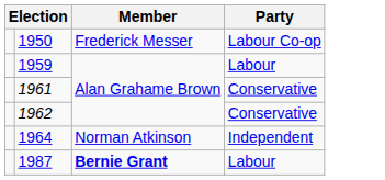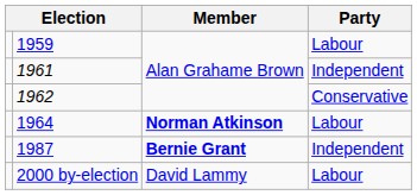 <table class="wikitable">
 <tr>
 <th colspan="2">Election</th>
 <th>Member</th>
 <th>Party</th>
-</tr>
-<tr>
-<td style="color:inherit;background-color: "></td>
-<td><a href='#'>1950</a></td>
-<td><a href='#'>Frederick Messer</a></td>
-<td><a href='#'>Labour Co-op</a></td>
 </tr>
 <tr>
 <td style="color:inherit;background-color: "></td>
 <td><a href='#'>1959</a></td>
 <td rowspan="3"><a href='#'>Alan Grahame Brown</a></td>
 <td><a href='#'>Labour</a></td>
 </tr>
 <tr>
 <td style="color:inherit;background-color: "></td>
 <td><em>1961</em></td>
-<td><a href='#'>Conservative</a></td>
+<td><a href='#'>Independent</a></td>
 </tr>
 <tr>
 <td style="color:inherit;background-color: "></td>
 <td><em>1962</em></td>
 <td><a href='#'>Conservative</a></td>
 </tr>
 <tr>
 <td style="color:inherit;background-color: "></td>
 <td><a href='#'>1964</a></td>
-<td><a href='#'>Norman Atkinson</a></td>
-<td><a href='#'>Independent</a></td>
+<td><strong><a href='#'>Norman Atkinson</a></strong></td>
+<td><a href='#'>Labour</a></td>
 </tr>
 <tr>
 <td style="color:inherit;background-color: "></td>
 <td><a href='#'>1987</a></td>
 <td><strong><a href='#'>Bernie Grant</a></strong></td>
+<td><a href='#'>Independent</a></td>
+</tr>
+<tr>
+<td style="color:inherit;background-color: "></td>
+<td><a href='#'>2000 by-election</a></td>
+<td><a href='#'>David Lammy</a></td>
 <td><a href='#'>Labour</a></td>
 </tr>
 </table>
